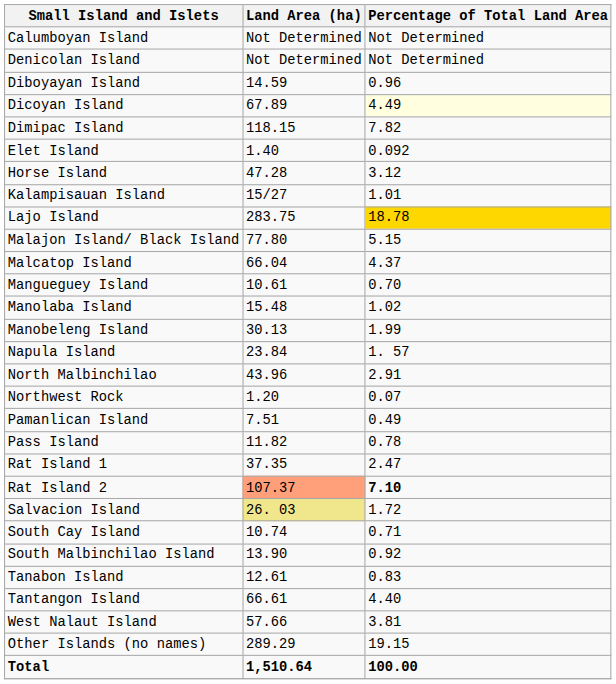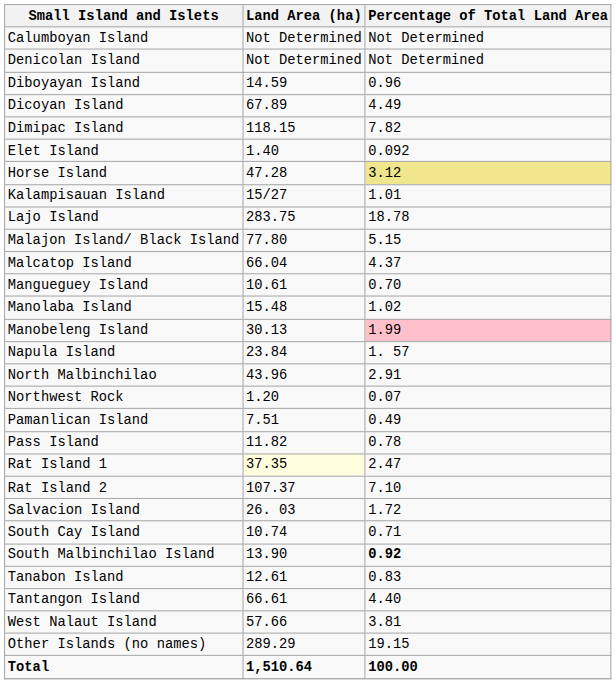 <table class="wikitable">
 <tr>
 <th><strong>Small Island and Islets</strong></th>
 <th><strong>Land Area (ha)</strong></th>
 <th><strong>Percentage of Total Land Area</strong></th>
 </tr>
 <tr>
 <td>Calumboyan Island</td>
 <td>Not Determined</td>
 <td>Not Determined</td>
 </tr>
 <tr>
 <td>Denicolan Island</td>
 <td>Not Determined</td>
 <td>Not Determined</td>
 </tr>
 <tr>
 <td>Diboyayan Island</td>
 <td>14.59</td>
 <td>0.96</td>
 </tr>
 <tr>
 <td>Dicoyan Island</td>
 <td>67.89</td>
-<td style="background: lightyellow;">4.49</td>
+<td>4.49</td>
 </tr>
 <tr>
 <td>Dimipac Island</td>
 <td>118.15</td>
 <td>7.82</td>
 </tr>
 <tr>
 <td>Elet Island</td>
 <td>1.40</td>
 <td>0.092</td>
 </tr>
 <tr>
 <td>Horse Island</td>
 <td>47.28</td>
-<td>3.12</td>
+<td style="background: khaki;">3.12</td>
 </tr>
 <tr>
 <td>Kalampisauan Island</td>
 <td>15/27</td>
 <td>1.01</td>
 </tr>
 <tr>
 <td>Lajo Island</td>
 <td>283.75</td>
-<td style="background: gold;">18.78</td>
+<td>18.78</td>
 </tr>
 <tr>
 <td>Malajon Island/ Black Island</td>
 <td>77.80</td>
 <td>5.15</td>
 </tr>
 <tr>
 <td>Malcatop Island</td>
 <td>66.04</td>
 <td>4.37</td>
 </tr>
 <tr>
 <td>Mangueguey Island</td>
 <td>10.61</td>
 <td>0.70</td>
 </tr>
 <tr>
 <td>Manolaba Island</td>
 <td>15.48</td>
 <td>1.02</td>
 </tr>
 <tr>
 <td>Manobeleng Island</td>
 <td>30.13</td>
-<td>1.99</td>
+<td style="background: pink;">1.99</td>
 </tr>
 <tr>
 <td>Napula Island</td>
 <td>23.84</td>
 <td>1. 57</td>
 </tr>
 <tr>
 <td>North Malbinchilao</td>
 <td>43.96</td>
 <td>2.91</td>
 </tr>
 <tr>
 <td>Northwest Rock</td>
 <td>1.20</td>
 <td>0.07</td>
 </tr>
 <tr>
 <td>Pamanlican Island</td>
 <td>7.51</td>
 <td>0.49</td>
 </tr>
 <tr>
 <td>Pass Island</td>
 <td>11.82</td>
 <td>0.78</td>
 </tr>
 <tr>
 <td>Rat Island 1</td>
-<td>37.35</td>
+<td style="background: lightyellow;">37.35</td>
 <td>2.47</td>
 </tr>
 <tr>
 <td>Rat Island 2</td>
-<td style="background: lightsalmon;">107.37</td>
-<td><strong>7.10</strong></td>
+<td>107.37</td>
+<td>7.10</td>
 </tr>
 <tr>
 <td>Salvacion Island</td>
-<td style="background: khaki;">26. 03</td>
+<td>26. 03</td>
 <td>1.72</td>
 </tr>
 <tr>
 <td>South Cay Island</td>
 <td>10.74</td>
 <td>0.71</td>
 </tr>
 <tr>
 <td>South Malbinchilao Island</td>
 <td>13.90</td>
-<td>0.92</td>
+<td><strong>0.92</strong></td>
 </tr>
 <tr>
 <td>Tanabon Island</td>
 <td>12.61</td>
 <td>0.83</td>
 </tr>
 <tr>
 <td>Tantangon Island</td>
 <td>66.61</td>
 <td>4.40</td>
 </tr>
 <tr>
 <td>West Nalaut Island</td>
 <td>57.66</td>
 <td>3.81</td>
 </tr>
 <tr>
 <td>Other Islands (no names)</td>
 <td>289.29</td>
 <td>19.15</td>
 </tr>
 <tr>
 <td><strong>Total</strong></td>
 <td><strong>1,510.64</strong></td>
 <td><strong>100.00</strong></td>
 </tr>
 <tr>
 </tr>
 </table>
